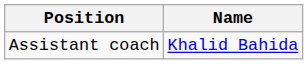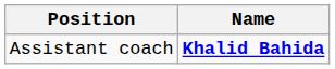 <table class="wikitable" style="text-align:center;">
 <tr>
 <th>Position</th>
 <th>Name</th>
 </tr>
 <tr>
 <td style="text-align:left;">Assistant coach</td>
-<td style="text-align:left;"> <a href='#'>Khalid Bahida</a></td>
+<td style="text-align:left;"><strong> <a href='#'>Khalid Bahida</a></strong></td>
 </tr>
 </table>
